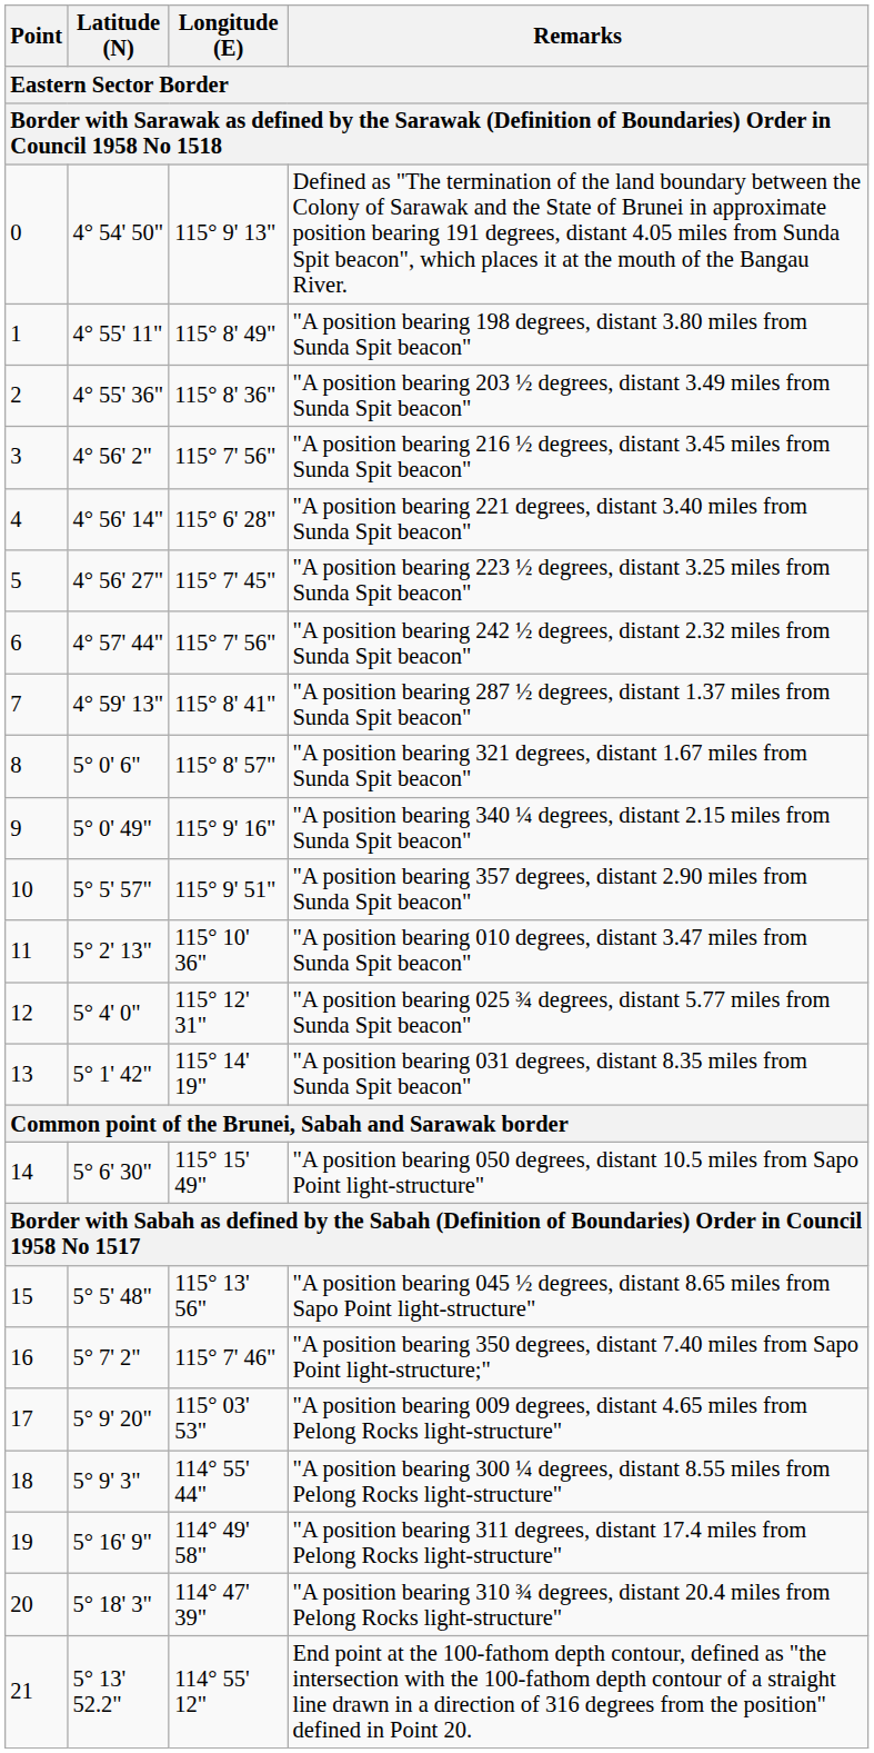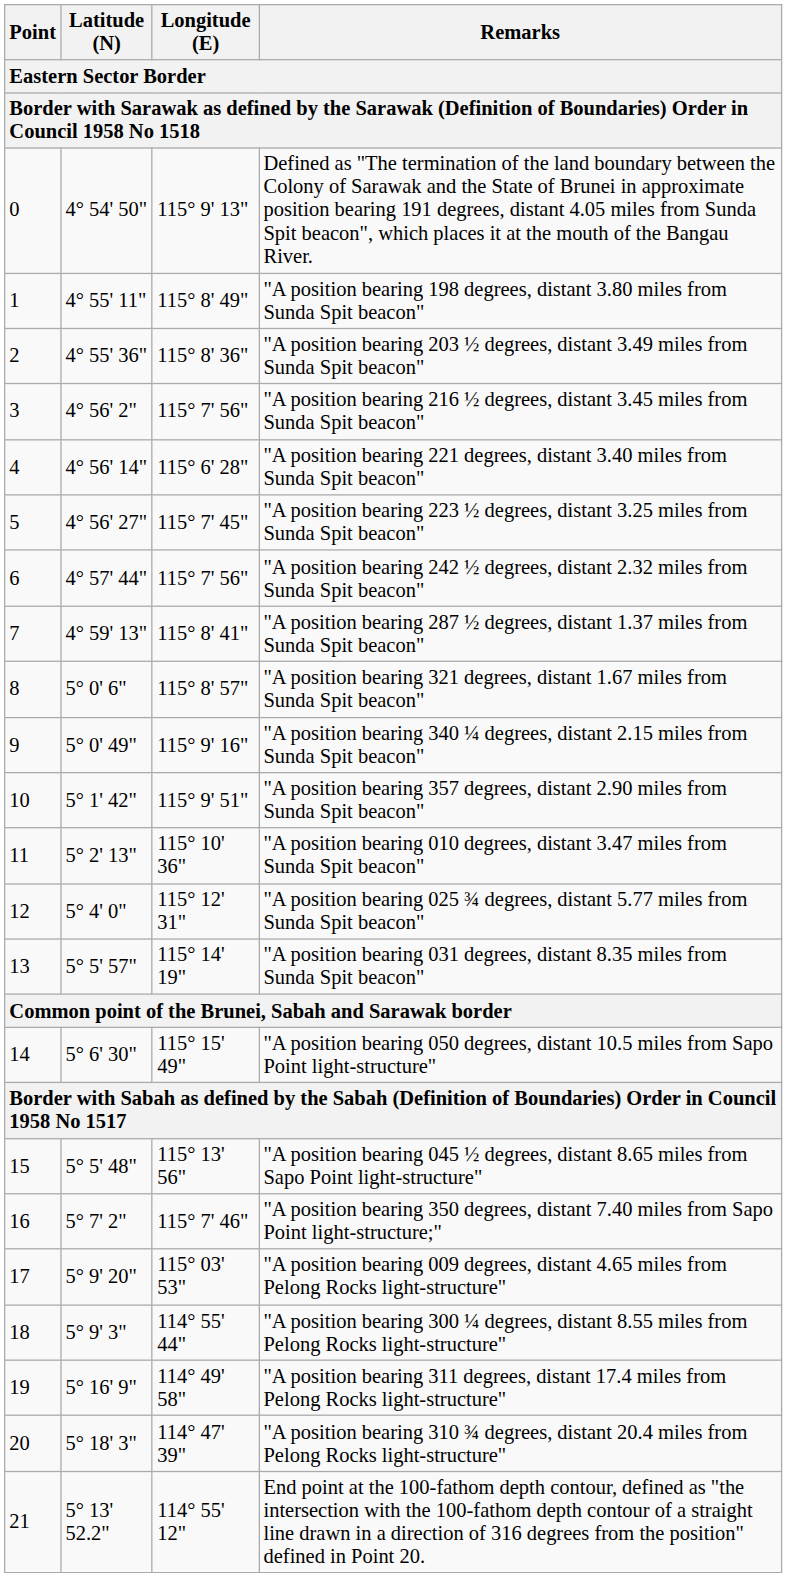 <table class="wikitable">
 <tr>
 <th>Point</th>
 <th>Latitude (N)</th>
 <th>Longitude (E)</th>
 <th>Remarks</th>
 </tr>
 <tr>
 <th colspan="5" style="text-align:left">Eastern Sector Border</th>
 </tr>
 <tr>
 <th colspan="5" style="text-align:left">Border with Sarawak as defined by the Sarawak (Definition of Boundaries) Order in Council 1958 No 1518</th>
 </tr>
 <tr>
 <td>0</td>
 <td>4° 54' 50"</td>
 <td>115° 9' 13"</td>
 <td>Defined as "The termination of the land boundary between the Colony of Sarawak and the State of Brunei in approximate position bearing 191 degrees, distant 4.05 miles from Sunda Spit beacon", which places it at the mouth of the Bangau River.</td>
 </tr>
 <tr>
 <td>1</td>
 <td>4° 55' 11"</td>
 <td>115° 8' 49"</td>
 <td>"A position bearing 198 degrees, distant 3.80 miles from Sunda Spit beacon"</td>
 </tr>
 <tr>
 <td>2</td>
 <td>4° 55' 36"</td>
 <td>115° 8' 36"</td>
 <td>"A position bearing 203 ½ degrees, distant 3.49 miles from Sunda Spit beacon"</td>
 </tr>
 <tr>
 <td>3</td>
 <td>4° 56' 2"</td>
 <td>115° 7' 56"</td>
 <td>"A position bearing 216 ½ degrees, distant 3.45 miles from Sunda Spit beacon"</td>
 </tr>
 <tr>
 <td>4</td>
 <td>4° 56' 14"</td>
 <td>115° 6' 28"</td>
 <td>"A position bearing 221 degrees, distant 3.40 miles from Sunda Spit beacon"</td>
 </tr>
 <tr>
 <td>5</td>
 <td>4° 56' 27"</td>
 <td>115° 7' 45"</td>
 <td>"A position bearing 223 ½ degrees, distant 3.25 miles from Sunda Spit beacon"</td>
 </tr>
 <tr>
 <td>6</td>
 <td>4° 57' 44"</td>
 <td>115° 7' 56"</td>
 <td>"A position bearing 242 ½ degrees, distant 2.32 miles from Sunda Spit beacon"</td>
 </tr>
 <tr>
 <td>7</td>
 <td>4° 59' 13"</td>
 <td>115° 8' 41"</td>
 <td>"A position bearing 287 ½ degrees, distant 1.37 miles from Sunda Spit beacon"</td>
 </tr>
 <tr>
 <td>8</td>
 <td>5° 0' 6"</td>
 <td>115° 8' 57"</td>
 <td>"A position bearing 321 degrees, distant 1.67 miles from Sunda Spit beacon"</td>
 </tr>
 <tr>
 <td>9</td>
 <td>5° 0' 49"</td>
 <td>115° 9' 16"</td>
 <td>"A position bearing 340 ¼ degrees, distant 2.15 miles from Sunda Spit beacon"</td>
 </tr>
 <tr>
 <td>10</td>
-<td>5° 5' 57"</td>
+<td>5° 1' 42"</td>
 <td>115° 9' 51"</td>
 <td>"A position bearing 357 degrees, distant 2.90 miles from Sunda Spit beacon"</td>
 </tr>
 <tr>
 <td>11</td>
 <td>5° 2' 13"</td>
 <td>115° 10' 36"</td>
 <td>"A position bearing 010 degrees, distant 3.47 miles from Sunda Spit beacon"</td>
 </tr>
 <tr>
 <td>12</td>
 <td>5° 4' 0"</td>
 <td>115° 12' 31"</td>
 <td>"A position bearing 025 ¾ degrees, distant 5.77 miles from Sunda Spit beacon"</td>
 </tr>
 <tr>
 <td>13</td>
-<td>5° 1' 42"</td>
+<td>5° 5' 57"</td>
 <td>115° 14' 19"</td>
 <td>"A position bearing 031 degrees, distant 8.35 miles from Sunda Spit beacon"</td>
 </tr>
 <tr>
 <th colspan="5" style="text-align:left">Common point of the Brunei, Sabah and Sarawak border</th>
 </tr>
 <tr>
 <td>14</td>
 <td>5° 6' 30"</td>
 <td>115° 15' 49"</td>
 <td>"A position bearing 050 degrees, distant 10.5 miles from Sapo Point light-structure"</td>
 </tr>
 <tr>
 <th colspan="5" style="text-align:left">Border with Sabah as defined by the Sabah (Definition of Boundaries) Order in Council 1958 No 1517</th>
 </tr>
 <tr>
 <td>15</td>
 <td>5° 5' 48"</td>
 <td>115° 13' 56"</td>
 <td>"A position bearing 045 ½ degrees, distant 8.65 miles from Sapo Point light-structure"</td>
 </tr>
 <tr>
 <td>16</td>
 <td>5° 7' 2"</td>
 <td>115° 7' 46"</td>
 <td>"A position bearing 350 degrees, distant 7.40 miles from Sapo Point light-structure;"</td>
 </tr>
 <tr>
 <td>17</td>
 <td>5° 9' 20"</td>
 <td>115° 03' 53"</td>
 <td>"A position bearing 009 degrees, distant 4.65 miles from Pelong Rocks light-structure"</td>
 </tr>
 <tr>
 <td>18</td>
 <td>5° 9' 3"</td>
 <td>114° 55' 44"</td>
 <td>"A position bearing 300 ¼ degrees, distant 8.55 miles from Pelong Rocks light-structure"</td>
 </tr>
 <tr>
 <td>19</td>
 <td>5° 16' 9"</td>
 <td>114° 49' 58"</td>
 <td>"A position bearing 311 degrees, distant 17.4 miles from Pelong Rocks light-structure"</td>
 </tr>
 <tr>
 <td>20</td>
 <td>5° 18' 3"</td>
 <td>114° 47' 39"</td>
 <td>"A position bearing 310 ¾ degrees, distant 20.4 miles from Pelong Rocks light-structure"</td>
 </tr>
 <tr>
 <td>21</td>
 <td>5° 13' 52.2"</td>
 <td>114° 55' 12"</td>
 <td>End point at the 100-fathom depth contour, defined as "the intersection with the 100-fathom depth contour of a straight line drawn in a direction of 316 degrees from the position" defined in Point 20.</td>
 </tr>
 </table>
